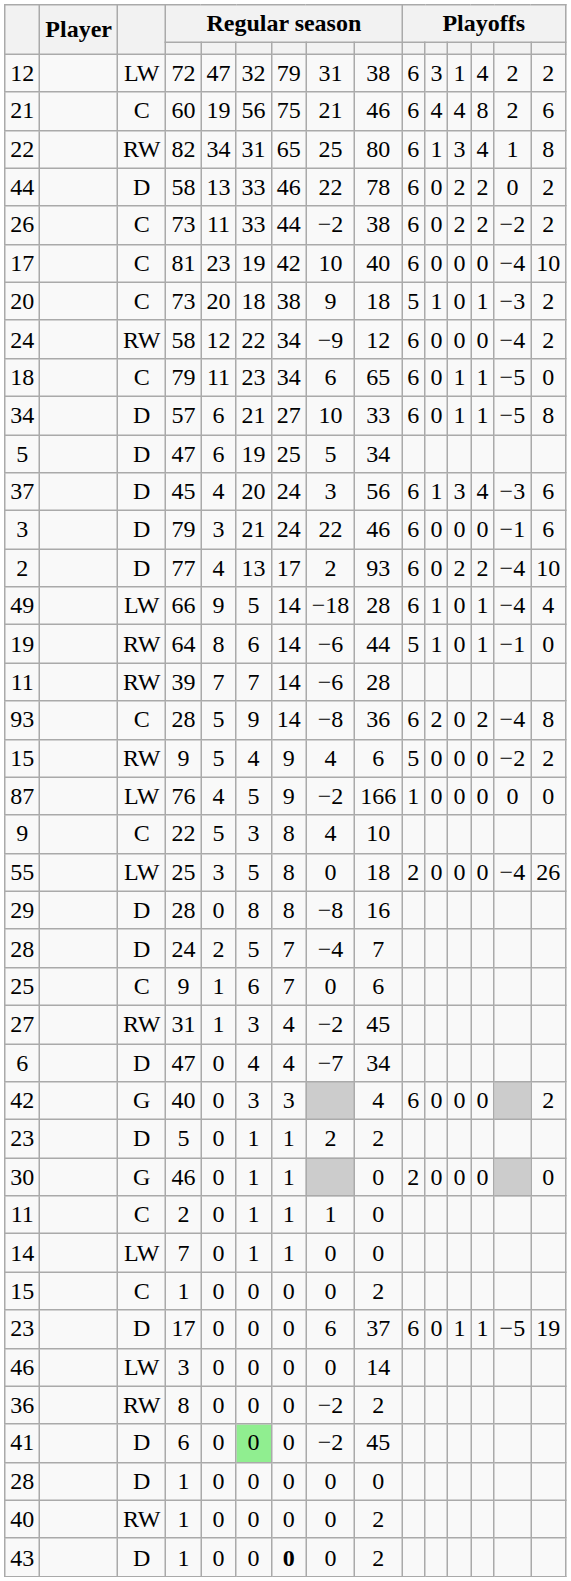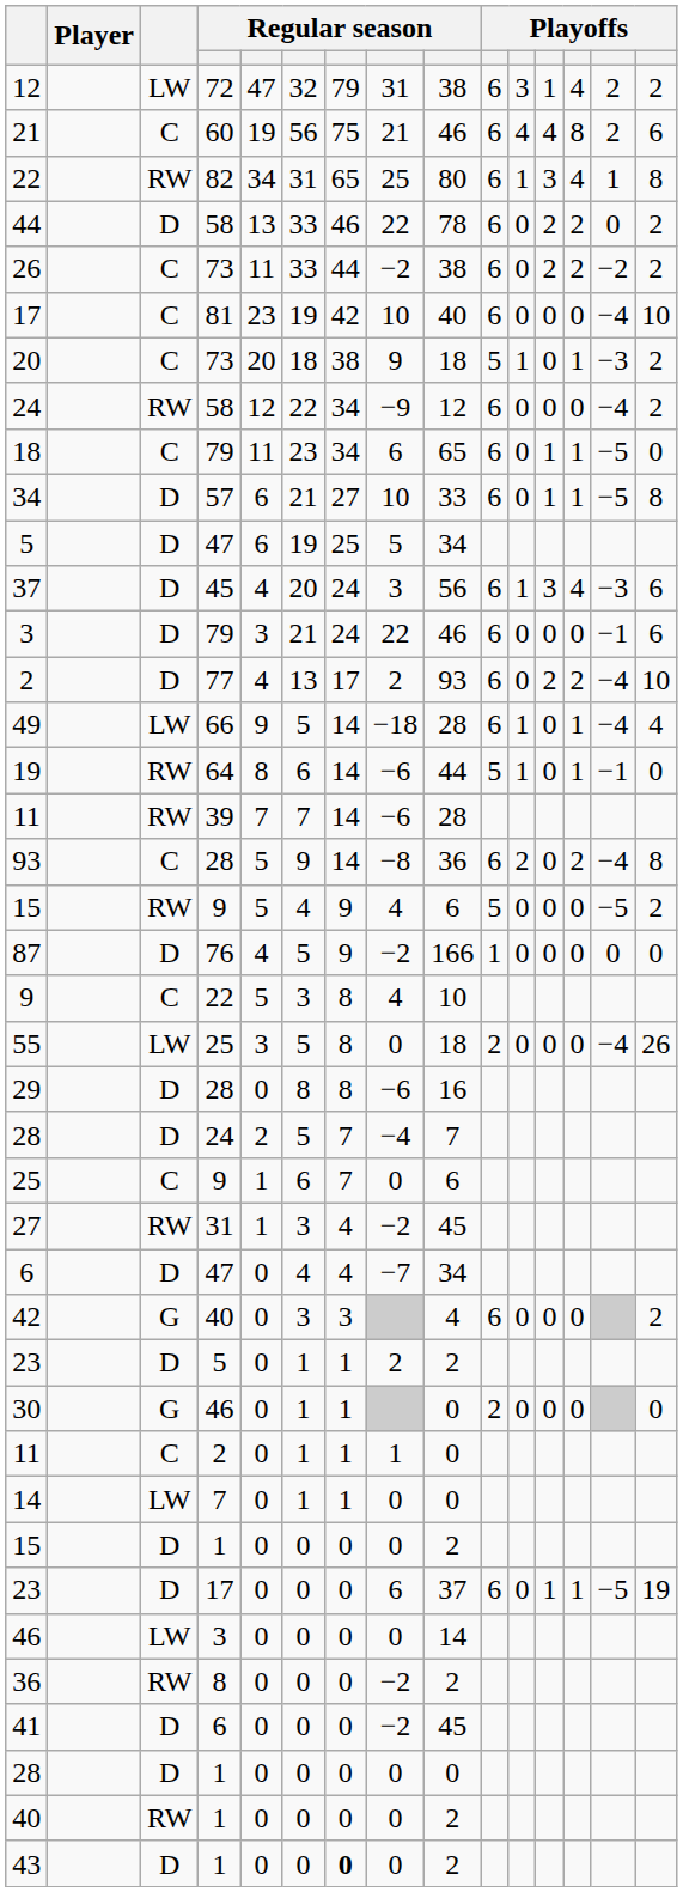 <table class="wikitable sortable plainrowheaders" style="text-align:center;">
 <tr>
 <th scope="col" data-sort-type="number" rowspan="2"></th>
 <th scope="col" rowspan="2">Player</th>
 <th scope="col" rowspan="2"></th>
 <th scope=colgroup colspan=6>Regular season</th>
 <th scope=colgroup colspan=6>Playoffs</th>
 </tr>
 <tr>
 <th scope="col" data-sort-type="number"></th>
 <th scope="col" data-sort-type="number"></th>
 <th scope="col" data-sort-type="number"></th>
 <th scope="col" data-sort-type="number"></th>
 <th scope="col" data-sort-type="number"></th>
 <th scope="col" data-sort-type="number"></th>
 <th scope="col" data-sort-type="number"></th>
 <th scope="col" data-sort-type="number"></th>
 <th scope="col" data-sort-type="number"></th>
 <th scope="col" data-sort-type="number"></th>
 <th scope="col" data-sort-type="number"></th>
 <th scope="col" data-sort-type="number"></th>
 </tr>
 <tr>
 <td scope="row">12</td>
 <td align="left"></td>
 <td>LW</td>
 <td>72</td>
 <td>47</td>
 <td>32</td>
 <td>79</td>
 <td>31</td>
 <td>38</td>
 <td>6</td>
 <td>3</td>
 <td>1</td>
 <td>4</td>
 <td>2</td>
 <td>2</td>
 </tr>
 <tr>
 <td scope="row">21</td>
 <td align="left"></td>
 <td>C</td>
 <td>60</td>
 <td>19</td>
 <td>56</td>
 <td>75</td>
 <td>21</td>
 <td>46</td>
 <td>6</td>
 <td>4</td>
 <td>4</td>
 <td>8</td>
 <td>2</td>
 <td>6</td>
 </tr>
 <tr>
 <td scope="row">22</td>
 <td align="left"></td>
 <td>RW</td>
 <td>82</td>
 <td>34</td>
 <td>31</td>
 <td>65</td>
 <td>25</td>
 <td>80</td>
 <td>6</td>
 <td>1</td>
 <td>3</td>
 <td>4</td>
 <td>1</td>
 <td>8</td>
 </tr>
 <tr>
 <td scope="row">44</td>
 <td align="left"></td>
 <td>D</td>
 <td>58</td>
 <td>13</td>
 <td>33</td>
 <td>46</td>
 <td>22</td>
 <td>78</td>
 <td>6</td>
 <td>0</td>
 <td>2</td>
 <td>2</td>
 <td>0</td>
 <td>2</td>
 </tr>
 <tr>
 <td scope="row">26</td>
 <td align="left"></td>
 <td>C</td>
 <td>73</td>
 <td>11</td>
 <td>33</td>
 <td>44</td>
 <td>−2</td>
 <td>38</td>
 <td>6</td>
 <td>0</td>
 <td>2</td>
 <td>2</td>
 <td>−2</td>
 <td>2</td>
 </tr>
 <tr>
 <td scope="row">17</td>
 <td align="left"></td>
 <td>C</td>
 <td>81</td>
 <td>23</td>
 <td>19</td>
 <td>42</td>
 <td>10</td>
 <td>40</td>
 <td>6</td>
 <td>0</td>
 <td>0</td>
 <td>0</td>
 <td>−4</td>
 <td>10</td>
 </tr>
 <tr>
 <td scope="row">20</td>
 <td align="left"></td>
 <td>C</td>
 <td>73</td>
 <td>20</td>
 <td>18</td>
 <td>38</td>
 <td>9</td>
 <td>18</td>
 <td>5</td>
 <td>1</td>
 <td>0</td>
 <td>1</td>
 <td>−3</td>
 <td>2</td>
 </tr>
 <tr>
 <td scope="row">24</td>
 <td align="left"></td>
 <td>RW</td>
 <td>58</td>
 <td>12</td>
 <td>22</td>
 <td>34</td>
 <td>−9</td>
 <td>12</td>
 <td>6</td>
 <td>0</td>
 <td>0</td>
 <td>0</td>
 <td>−4</td>
 <td>2</td>
 </tr>
 <tr>
 <td scope="row">18</td>
 <td align="left"></td>
 <td>C</td>
 <td>79</td>
 <td>11</td>
 <td>23</td>
 <td>34</td>
 <td>6</td>
 <td>65</td>
 <td>6</td>
 <td>0</td>
 <td>1</td>
 <td>1</td>
 <td>−5</td>
 <td>0</td>
 </tr>
 <tr>
 <td scope="row">34</td>
 <td align="left"></td>
 <td>D</td>
 <td>57</td>
 <td>6</td>
 <td>21</td>
 <td>27</td>
 <td>10</td>
 <td>33</td>
 <td>6</td>
 <td>0</td>
 <td>1</td>
 <td>1</td>
 <td>−5</td>
 <td>8</td>
 </tr>
 <tr>
 <td scope="row">5</td>
 <td align="left"></td>
 <td>D</td>
 <td>47</td>
 <td>6</td>
 <td>19</td>
 <td>25</td>
 <td>5</td>
 <td>34</td>
 <td></td>
 <td></td>
 <td></td>
 <td></td>
 <td></td>
 <td></td>
 </tr>
 <tr>
 <td scope="row">37</td>
 <td align="left"></td>
 <td>D</td>
 <td>45</td>
 <td>4</td>
 <td>20</td>
 <td>24</td>
 <td>3</td>
 <td>56</td>
 <td>6</td>
 <td>1</td>
 <td>3</td>
 <td>4</td>
 <td>−3</td>
 <td>6</td>
 </tr>
 <tr>
 <td scope="row">3</td>
 <td align="left"></td>
 <td>D</td>
 <td>79</td>
 <td>3</td>
 <td>21</td>
 <td>24</td>
 <td>22</td>
 <td>46</td>
 <td>6</td>
 <td>0</td>
 <td>0</td>
 <td>0</td>
 <td>−1</td>
 <td>6</td>
 </tr>
 <tr>
 <td scope="row">2</td>
 <td align="left"></td>
 <td>D</td>
 <td>77</td>
 <td>4</td>
 <td>13</td>
 <td>17</td>
 <td>2</td>
 <td>93</td>
 <td>6</td>
 <td>0</td>
 <td>2</td>
 <td>2</td>
 <td>−4</td>
 <td>10</td>
 </tr>
 <tr>
 <td scope="row">49</td>
 <td align="left"></td>
 <td>LW</td>
 <td>66</td>
 <td>9</td>
 <td>5</td>
 <td>14</td>
 <td>−18</td>
 <td>28</td>
 <td>6</td>
 <td>1</td>
 <td>0</td>
 <td>1</td>
 <td>−4</td>
 <td>4</td>
 </tr>
 <tr>
 <td scope="row">19</td>
 <td align="left"></td>
 <td>RW</td>
 <td>64</td>
 <td>8</td>
 <td>6</td>
 <td>14</td>
 <td>−6</td>
 <td>44</td>
 <td>5</td>
 <td>1</td>
 <td>0</td>
 <td>1</td>
 <td>−1</td>
 <td>0</td>
 </tr>
 <tr>
 <td scope="row">11</td>
 <td align="left"></td>
 <td>RW</td>
 <td>39</td>
 <td>7</td>
 <td>7</td>
 <td>14</td>
 <td>−6</td>
 <td>28</td>
 <td></td>
 <td></td>
 <td></td>
 <td></td>
 <td></td>
 <td></td>
 </tr>
 <tr>
 <td scope="row">93</td>
 <td align="left"></td>
 <td>C</td>
 <td>28</td>
 <td>5</td>
 <td>9</td>
 <td>14</td>
 <td>−8</td>
 <td>36</td>
 <td>6</td>
 <td>2</td>
 <td>0</td>
 <td>2</td>
 <td>−4</td>
 <td>8</td>
 </tr>
 <tr>
 <td scope="row">15</td>
 <td align="left"></td>
 <td>RW</td>
 <td>9</td>
 <td>5</td>
 <td>4</td>
 <td>9</td>
 <td>4</td>
 <td>6</td>
 <td>5</td>
 <td>0</td>
 <td>0</td>
 <td>0</td>
-<td>−2</td>
+<td>−5</td>
 <td>2</td>
 </tr>
 <tr>
 <td scope="row">87</td>
 <td align="left"></td>
-<td>LW</td>
+<td>D</td>
 <td>76</td>
 <td>4</td>
 <td>5</td>
 <td>9</td>
 <td>−2</td>
 <td>166</td>
 <td>1</td>
 <td>0</td>
 <td>0</td>
 <td>0</td>
 <td>0</td>
 <td>0</td>
 </tr>
 <tr>
 <td scope="row">9</td>
 <td align="left"></td>
 <td>C</td>
 <td>22</td>
 <td>5</td>
 <td>3</td>
 <td>8</td>
 <td>4</td>
 <td>10</td>
 <td></td>
 <td></td>
 <td></td>
 <td></td>
 <td></td>
 <td></td>
 </tr>
 <tr>
 <td scope="row">55</td>
 <td align="left"></td>
 <td>LW</td>
 <td>25</td>
 <td>3</td>
 <td>5</td>
 <td>8</td>
 <td>0</td>
 <td>18</td>
 <td>2</td>
 <td>0</td>
 <td>0</td>
 <td>0</td>
 <td>−4</td>
 <td>26</td>
 </tr>
 <tr>
 <td scope="row">29</td>
 <td align="left"></td>
 <td>D</td>
 <td>28</td>
 <td>0</td>
 <td>8</td>
 <td>8</td>
-<td>−8</td>
+<td>−6</td>
 <td>16</td>
 <td></td>
 <td></td>
 <td></td>
 <td></td>
 <td></td>
 <td></td>
 </tr>
 <tr>
 <td scope="row">28</td>
 <td align="left"></td>
 <td>D</td>
 <td>24</td>
 <td>2</td>
 <td>5</td>
 <td>7</td>
 <td>−4</td>
 <td>7</td>
 <td></td>
 <td></td>
 <td></td>
 <td></td>
 <td></td>
 <td></td>
 </tr>
 <tr>
 <td scope="row">25</td>
 <td align="left"></td>
 <td>C</td>
 <td>9</td>
 <td>1</td>
 <td>6</td>
 <td>7</td>
 <td>0</td>
 <td>6</td>
 <td></td>
 <td></td>
 <td></td>
 <td></td>
 <td></td>
 <td></td>
 </tr>
 <tr>
 <td scope="row">27</td>
 <td align="left"></td>
 <td>RW</td>
 <td>31</td>
 <td>1</td>
 <td>3</td>
 <td>4</td>
 <td>−2</td>
 <td>45</td>
 <td></td>
 <td></td>
 <td></td>
 <td></td>
 <td></td>
 <td></td>
 </tr>
 <tr>
 <td scope="row">6</td>
 <td align="left"></td>
 <td>D</td>
 <td>47</td>
 <td>0</td>
 <td>4</td>
 <td>4</td>
 <td>−7</td>
 <td>34</td>
 <td></td>
 <td></td>
 <td></td>
 <td></td>
 <td></td>
 <td></td>
 </tr>
 <tr>
 <td scope="row">42</td>
 <td align="left"></td>
 <td>G</td>
 <td>40</td>
 <td>0</td>
 <td>3</td>
 <td>3</td>
 <td style="background:#ccc"></td>
 <td>4</td>
 <td>6</td>
 <td>0</td>
 <td>0</td>
 <td>0</td>
 <td style="background:#ccc"></td>
 <td>2</td>
 </tr>
 <tr>
 <td scope="row">23</td>
 <td align="left"></td>
 <td>D</td>
 <td>5</td>
 <td>0</td>
 <td>1</td>
 <td>1</td>
 <td>2</td>
 <td>2</td>
 <td></td>
 <td></td>
 <td></td>
 <td></td>
 <td></td>
 <td></td>
 </tr>
 <tr>
 <td scope="row">30</td>
 <td align="left"></td>
 <td>G</td>
 <td>46</td>
 <td>0</td>
 <td>1</td>
 <td>1</td>
 <td style="background:#ccc"></td>
 <td>0</td>
 <td>2</td>
 <td>0</td>
 <td>0</td>
 <td>0</td>
 <td style="background:#ccc"></td>
 <td>0</td>
 </tr>
 <tr>
 <td scope="row">11</td>
 <td align="left"></td>
 <td>C</td>
 <td>2</td>
 <td>0</td>
 <td>1</td>
 <td>1</td>
 <td>1</td>
 <td>0</td>
 <td></td>
 <td></td>
 <td></td>
 <td></td>
 <td></td>
 <td></td>
 </tr>
 <tr>
 <td scope="row">14</td>
 <td align="left"></td>
 <td>LW</td>
 <td>7</td>
 <td>0</td>
 <td>1</td>
 <td>1</td>
 <td>0</td>
 <td>0</td>
 <td></td>
 <td></td>
 <td></td>
 <td></td>
 <td></td>
 <td></td>
 </tr>
 <tr>
 <td scope="row">15</td>
 <td align="left"></td>
-<td>C</td>
+<td>D</td>
 <td>1</td>
 <td>0</td>
 <td>0</td>
 <td>0</td>
 <td>0</td>
 <td>2</td>
 <td></td>
 <td></td>
 <td></td>
 <td></td>
 <td></td>
 <td></td>
 </tr>
 <tr>
 <td scope="row">23</td>
 <td align="left"></td>
 <td>D</td>
 <td>17</td>
 <td>0</td>
 <td>0</td>
 <td>0</td>
 <td>6</td>
 <td>37</td>
 <td>6</td>
 <td>0</td>
 <td>1</td>
 <td>1</td>
 <td>−5</td>
 <td>19</td>
 </tr>
 <tr>
 <td scope="row">46</td>
 <td align="left"></td>
 <td>LW</td>
 <td>3</td>
 <td>0</td>
 <td>0</td>
 <td>0</td>
 <td>0</td>
 <td>14</td>
 <td></td>
 <td></td>
 <td></td>
 <td></td>
 <td></td>
 <td></td>
 </tr>
 <tr>
 <td scope="row">36</td>
 <td align="left"></td>
 <td>RW</td>
 <td>8</td>
 <td>0</td>
 <td>0</td>
 <td>0</td>
 <td>−2</td>
 <td>2</td>
 <td></td>
 <td></td>
 <td></td>
 <td></td>
 <td></td>
 <td></td>
 </tr>
 <tr>
 <td scope="row">41</td>
 <td align="left"></td>
 <td>D</td>
 <td>6</td>
 <td>0</td>
-<td style="background: lightgreen;">0</td>
+<td>0</td>
 <td>0</td>
 <td>−2</td>
 <td>45</td>
 <td></td>
 <td></td>
 <td></td>
 <td></td>
 <td></td>
 <td></td>
 </tr>
 <tr>
 <td scope="row">28</td>
 <td align="left"></td>
 <td>D</td>
 <td>1</td>
 <td>0</td>
 <td>0</td>
 <td>0</td>
 <td>0</td>
 <td>0</td>
 <td></td>
 <td></td>
 <td></td>
 <td></td>
 <td></td>
 <td></td>
 </tr>
 <tr>
 <td scope="row">40</td>
 <td align="left"></td>
 <td>RW</td>
 <td>1</td>
 <td>0</td>
 <td>0</td>
 <td>0</td>
 <td>0</td>
 <td>2</td>
 <td></td>
 <td></td>
 <td></td>
 <td></td>
 <td></td>
 <td></td>
 </tr>
 <tr>
 <td scope="row">43</td>
 <td align="left"></td>
 <td>D</td>
 <td>1</td>
 <td>0</td>
 <td>0</td>
 <td><strong>0</strong></td>
 <td>0</td>
 <td>2</td>
 <td></td>
 <td></td>
 <td></td>
 <td></td>
 <td></td>
 <td></td>
 </tr>
 </table>
